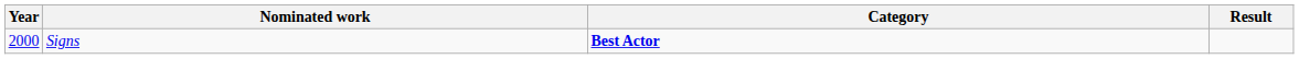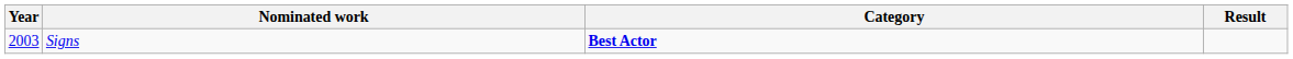 <table class="wikitable">
 <tr>
 <th scope="col" style="width:1em;">Year</th>
 <th scope="col" style="width:35em;">Nominated work</th>
 <th scope="col" style="width:40em;">Category</th>
 <th scope="col" style="width:5em;">Result</th>
 </tr>
 <tr>
-<td><a href='#'>2000</a></td>
+<td><a href='#'>2003</a></td>
 <td><em><a href='#'>Signs</a></em></td>
 <td><strong><a href='#'>Best Actor</a></strong></td>
 <td></td>
 </tr>
 </table>
